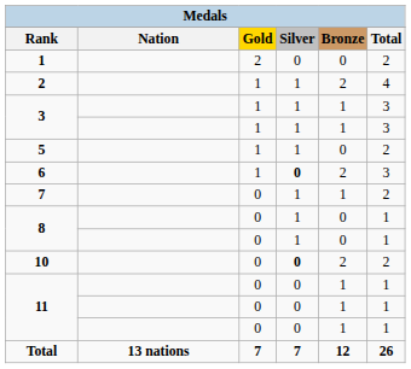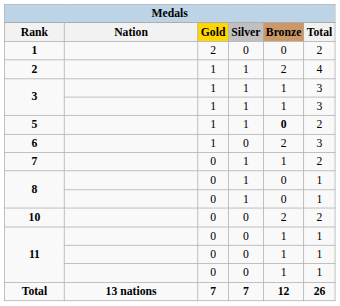 <table class=wikitable style=text-align:center>
 <tr>
 <td colspan=6 style="background:#BCD4E6"><strong>Medals</strong></td>
 </tr>
 <tr>
 </tr>
 <tr style="background-color:#EDEDED;">
 <th width=75px class="hintergrundfarbe5">Rank</th>
 <th width=175px class="hintergrundfarbe6">Nation</th>
 <th width=35px style="background:gold">Gold</th>
 <th width=35px style="background:silver">Silver</th>
 <th width=35px style="background:#CC9966">Bronze</th>
 <th width=35px>Total</th>
 </tr>
 <tr>
 <td><strong>1</strong></td>
 <td style="text-align:left"></td>
 <td>2</td>
 <td>0</td>
 <td>0</td>
 <td>2</td>
 </tr>
 <tr>
 <td><strong>2</strong></td>
 <td style="text-align:left"></td>
 <td>1</td>
 <td>1</td>
 <td>2</td>
 <td>4</td>
 </tr>
 <tr>
 <td rowspan="2"><strong>3</strong></td>
 <td style="text-align:left"></td>
 <td>1</td>
 <td>1</td>
 <td>1</td>
 <td>3</td>
 </tr>
 <tr>
 <td style="text-align:left"></td>
 <td>1</td>
 <td>1</td>
 <td>1</td>
 <td>3</td>
 </tr>
 <tr>
 <td><strong>5</strong></td>
 <td style="text-align:left"></td>
 <td>1</td>
 <td>1</td>
-<td>0</td>
+<td><strong>0</strong></td>
 <td>2</td>
 </tr>
 <tr>
 <td><strong>6</strong></td>
 <td style="text-align:left"></td>
 <td>1</td>
-<td><strong>0</strong></td>
+<td>0</td>
 <td>2</td>
 <td>3</td>
 </tr>
 <tr>
 <td><strong>7</strong></td>
 <td style="text-align:left"></td>
 <td>0</td>
 <td>1</td>
 <td>1</td>
 <td>2</td>
 </tr>
 <tr>
 <td rowspan="2"><strong>8</strong></td>
 <td style="text-align:left"></td>
 <td>0</td>
 <td>1</td>
 <td>0</td>
 <td>1</td>
 </tr>
 <tr>
 <td style="text-align:left"></td>
 <td>0</td>
 <td>1</td>
 <td>0</td>
 <td>1</td>
 </tr>
 <tr>
 <td><strong>10</strong></td>
 <td style="text-align:left"></td>
 <td>0</td>
-<td><strong>0</strong></td>
+<td>0</td>
 <td>2</td>
 <td>2</td>
 </tr>
 <tr>
 <td rowspan="3"><strong>11</strong></td>
 <td style="text-align:left"></td>
 <td>0</td>
 <td>0</td>
 <td>1</td>
 <td>1</td>
 </tr>
 <tr>
 <td style="text-align:left"></td>
 <td>0</td>
 <td>0</td>
 <td>1</td>
 <td>1</td>
 </tr>
 <tr>
 <td style="text-align:left"></td>
 <td>0</td>
 <td>0</td>
 <td>1</td>
 <td>1</td>
 </tr>
 <tr>
 <td><strong>Total</strong></td>
 <td><strong>13 nations</strong></td>
 <td><strong>7</strong></td>
 <td><strong>7</strong></td>
 <td><strong>12</strong></td>
 <td><strong>26</strong></td>
 </tr>
 </table>
